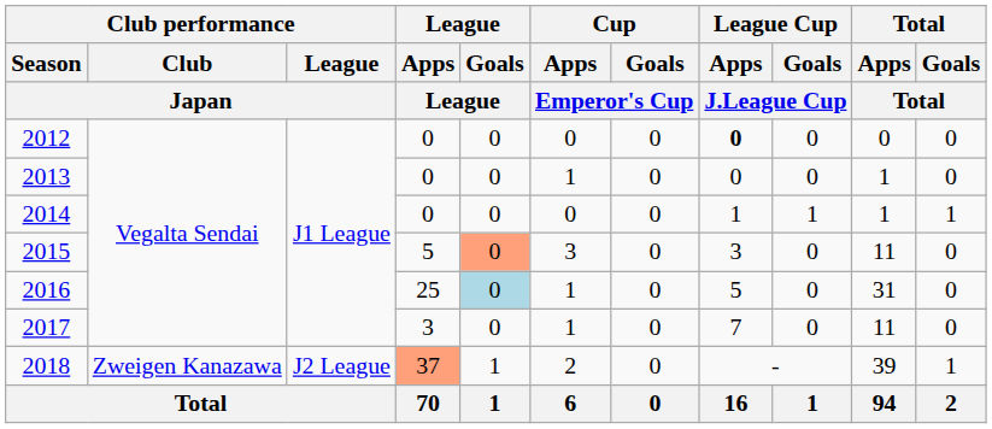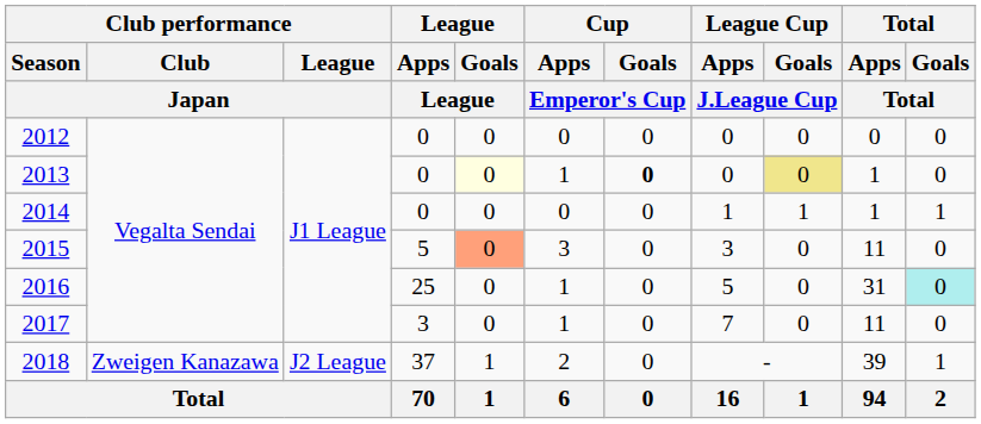 <table class="wikitable" style="text-align:center;">
 <tr>
 <th colspan=3>Club performance</th>
 <th colspan=2>League</th>
 <th colspan=2>Cup</th>
 <th colspan=2>League Cup</th>
 <th colspan=2>Total</th>
 </tr>
 <tr>
 <th>Season</th>
 <th>Club</th>
 <th>League</th>
 <th>Apps</th>
 <th>Goals</th>
 <th>Apps</th>
 <th>Goals</th>
 <th>Apps</th>
 <th>Goals</th>
 <th>Apps</th>
 <th>Goals</th>
 </tr>
 <tr>
 <th colspan=3>Japan</th>
 <th colspan=2>League</th>
 <th colspan=2><a href='#'>Emperor's Cup</a></th>
 <th colspan=2><a href='#'>J.League Cup</a></th>
 <th colspan=2>Total</th>
 </tr>
 <tr>
 <td><a href='#'>2012</a></td>
 <td rowspan="6"><a href='#'>Vegalta Sendai</a></td>
 <td rowspan="6"><a href='#'>J1 League</a></td>
 <td>0</td>
 <td>0</td>
 <td>0</td>
 <td>0</td>
-<td><strong>0</strong></td>
+<td>0</td>
 <td>0</td>
 <td>0</td>
 <td>0</td>
 </tr>
 <tr>
 <td><a href='#'>2013</a></td>
 <td>0</td>
+<td style="background: lightyellow;">0</td>
+<td>1</td>
+<td><strong>0</strong></td>
 <td>0</td>
-<td>1</td>
-<td>0</td>
-<td>0</td>
-<td>0</td>
+<td style="background: khaki;">0</td>
 <td>1</td>
 <td>0</td>
 </tr>
 <tr>
 <td><a href='#'>2014</a></td>
 <td>0</td>
 <td>0</td>
 <td>0</td>
 <td>0</td>
 <td>1</td>
 <td>1</td>
 <td>1</td>
 <td>1</td>
 </tr>
 <tr>
 <td><a href='#'>2015</a></td>
 <td>5</td>
 <td style="background: lightsalmon;">0</td>
 <td>3</td>
 <td>0</td>
 <td>3</td>
 <td>0</td>
 <td>11</td>
 <td>0</td>
 </tr>
 <tr>
 <td><a href='#'>2016</a></td>
 <td>25</td>
-<td style="background: lightblue;">0</td>
+<td>0</td>
 <td>1</td>
 <td>0</td>
 <td>5</td>
 <td>0</td>
 <td>31</td>
-<td>0</td>
+<td style="background: paleturquoise;">0</td>
 </tr>
 <tr>
 <td><a href='#'>2017</a></td>
 <td>3</td>
 <td>0</td>
 <td>1</td>
 <td>0</td>
 <td>7</td>
 <td>0</td>
 <td>11</td>
 <td>0</td>
 </tr>
 <tr>
 <td><a href='#'>2018</a></td>
 <td rowspan="1"><a href='#'>Zweigen Kanazawa</a></td>
 <td rowspan="1"><a href='#'>J2 League</a></td>
-<td style="background: lightsalmon;">37</td>
+<td>37</td>
 <td>1</td>
 <td>2</td>
 <td>0</td>
 <td colspan=2>-</td>
 <td>39</td>
 <td>1</td>
 </tr>
 <tr>
 <th colspan=3>Total</th>
 <th>70</th>
 <th>1</th>
 <th>6</th>
 <th>0</th>
 <th>16</th>
 <th>1</th>
 <th>94</th>
 <th>2</th>
 </tr>
 </table>
